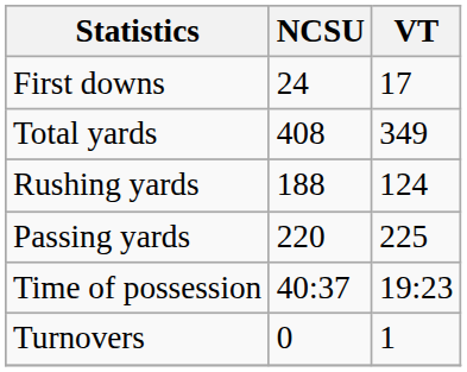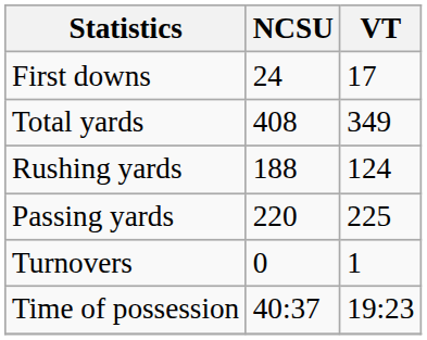 <table class="wikitable">
 <tr>
 <th>Statistics</th>
 <th>NCSU</th>
 <th>VT</th>
 </tr>
 <tr>
 <td>First downs</td>
 <td>24</td>
 <td>17</td>
 </tr>
 <tr>
 <td>Total yards</td>
 <td>408</td>
 <td>349</td>
 </tr>
 <tr>
 <td>Rushing yards</td>
 <td>188</td>
 <td>124</td>
 </tr>
 <tr>
 <td>Passing yards</td>
 <td>220</td>
 <td>225</td>
 </tr>
 <tr>
+<td>Turnovers</td>
+<td>0</td>
+<td>1</td>
+</tr>
+<tr>
 <td>Time of possession</td>
 <td>40:37</td>
 <td>19:23</td>
 </tr>
 <tr>
-<td>Turnovers</td>
-<td>0</td>
-<td>1</td>
-</tr>
-<tr>
 </tr>
 </table>
